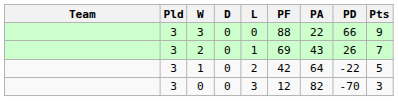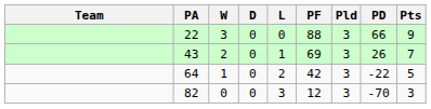 <table class="wikitable" style="text-align:center;">
 <tr>
 <th width=175>Team</th>
-<th width=25 abbr="Played">Pld</th>
+<th width=32 abbr="Points against">PA</th>
 <th width=25 abbr="Won">W</th>
 <th width=25 abbr="Drawn">D</th>
 <th width=25 abbr="Lost">L</th>
 <th width=32 abbr="Points for">PF</th>
-<th width=32 abbr="Points against">PA</th>
+<th width=25 abbr="Played">Pld</th>
 <th width=32 abbr="Points difference">PD</th>
 <th width=25 abbr="Points">Pts</th>
 </tr>
 <tr bgcolor="#ccffcc">
 <td align=left></td>
-<td>3</td>
+<td>22</td>
 <td>3</td>
 <td>0</td>
 <td>0</td>
 <td>88</td>
-<td>22</td>
+<td>3</td>
 <td>66</td>
 <td>9</td>
 </tr>
 <tr bgcolor="#ccffcc">
 <td align=left></td>
-<td>3</td>
+<td>43</td>
 <td>2</td>
 <td>0</td>
 <td>1</td>
 <td>69</td>
-<td>43</td>
+<td>3</td>
 <td>26</td>
 <td>7</td>
 </tr>
 <tr>
 <td align=left></td>
-<td>3</td>
+<td>64</td>
 <td>1</td>
 <td>0</td>
 <td>2</td>
 <td>42</td>
-<td>64</td>
+<td>3</td>
 <td>-22</td>
 <td>5</td>
 </tr>
 <tr>
 <td align=left></td>
-<td>3</td>
+<td>82</td>
 <td>0</td>
 <td>0</td>
 <td>3</td>
 <td>12</td>
-<td>82</td>
+<td>3</td>
 <td>-70</td>
 <td>3</td>
 </tr>
 </table>
